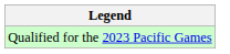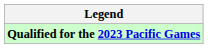 <table class="wikitable">
 <tr>
 <th>Legend</th>
 </tr>
 <tr bgcolor=ccffcc>
-<td>Qualified for the <a href='#'>2023 Pacific Games</a></td>
+<td><strong>Qualified for the <a href='#'>2023 Pacific Games</a></strong></td>
 </tr>
 </table>
